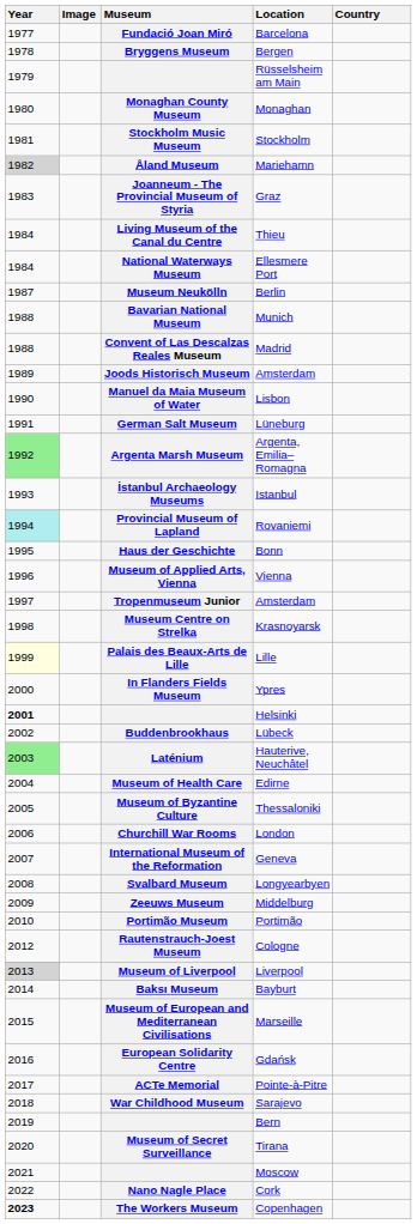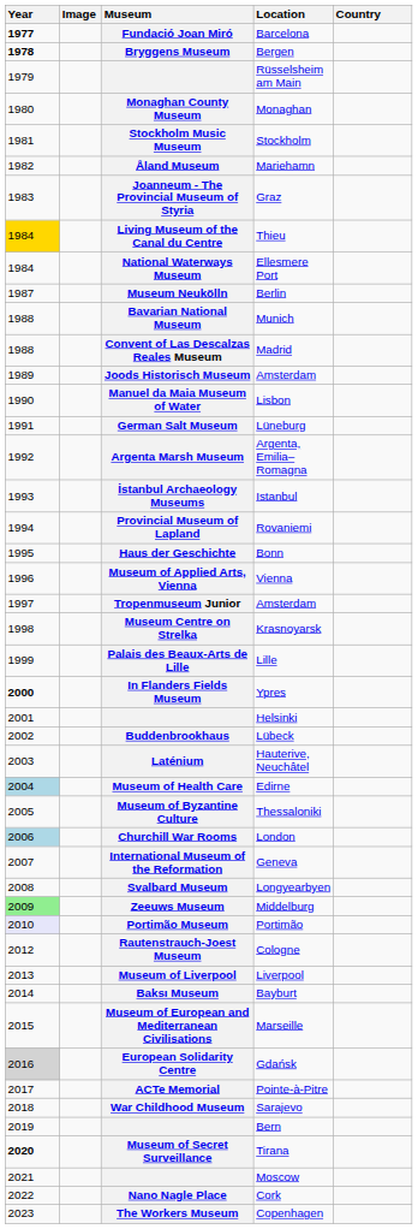 <table class="wikitable sortable plainrowheaders" style="font-size">
 <tr>
 <th style="text-align:left ; width:50pt" ; scope="col" width=>Year</th>
 <th style="text-align:left ; width:50px" ; scope="col" width=>Image</th>
 <th style="text-align:left ; width:200px" ; scope="col">Museum</th>
 <th style="text-align:left ; width:100px" ; scope="col" width=>Location</th>
 <th style="text-align:left ; width:100px" ; scope="col" width=>Country</th>
 </tr>
 <tr>
-<td align=left>1977</td>
+<td align=left><strong>1977</strong></td>
 <td></td>
 <th scope="row"><a href='#'>Fundació Joan Miró</a></th>
 <td><a href='#'>Barcelona</a></td>
 <td></td>
 </tr>
 <tr>
-<td align=left>1978</td>
+<td align=left><strong>1978</strong></td>
 <td></td>
 <th scope="row"><a href='#'>Bryggens Museum</a></th>
 <td><a href='#'>Bergen</a></td>
 <td></td>
 </tr>
 <tr>
 <td align=left>1979</td>
 <td></td>
 <th scope="row"></th>
 <td><a href='#'>Rüsselsheim am Main</a></td>
 <td></td>
 </tr>
 <tr>
 <td align=left>1980</td>
 <td></td>
 <th scope="row"><a href='#'>Monaghan County Museum</a></th>
 <td><a href='#'>Monaghan</a></td>
 <td></td>
 </tr>
 <tr>
 <td align=left>1981</td>
 <td></td>
 <th scope="row"><a href='#'>Stockholm Music Museum</a></th>
 <td><a href='#'>Stockholm</a></td>
 <td></td>
 </tr>
 <tr>
-<td align=left style="background: lightgrey;">1982</td>
+<td align=left>1982</td>
 <td></td>
 <th scope="row"><a href='#'>Åland Museum</a></th>
 <td><a href='#'>Mariehamn</a></td>
 <td></td>
 </tr>
 <tr>
 <td align=left>1983</td>
 <td></td>
 <th scope="row"><a href='#'>Joanneum - The Provincial Museum of Styria</a></th>
 <td><a href='#'>Graz</a></td>
 <td></td>
 </tr>
 <tr>
-<td align=left>1984</td>
+<td align=left style="background: gold;">1984</td>
 <td></td>
 <th scope="row"><a href='#'>Living Museum of the Canal du Centre</a></th>
 <td><a href='#'>Thieu</a></td>
 <td></td>
 </tr>
 <tr>
 <td align=left>1984</td>
 <td></td>
 <th scope="row"><a href='#'>National Waterways Museum</a></th>
 <td><a href='#'>Ellesmere Port</a></td>
 <td></td>
 </tr>
 <tr>
 <td align=left>1987</td>
 <td></td>
 <th scope="row"><a href='#'>Museum Neukölln</a></th>
 <td><a href='#'>Berlin</a></td>
 <td></td>
 </tr>
 <tr>
 <td align=left>1988</td>
 <td></td>
 <th scope="row"><a href='#'>Bavarian National Museum</a></th>
 <td><a href='#'>Munich</a></td>
 <td></td>
 </tr>
 <tr>
 <td align=left>1988</td>
 <td></td>
 <th scope="row"><a href='#'>Convent of Las Descalzas Reales</a> Museum</th>
 <td><a href='#'>Madrid</a></td>
 <td></td>
 </tr>
 <tr>
 <td align=left>1989</td>
 <td></td>
 <th scope="row"><a href='#'>Joods Historisch Museum</a></th>
 <td><a href='#'>Amsterdam</a></td>
 <td></td>
 </tr>
 <tr>
 <td align=left>1990</td>
 <td></td>
 <th scope="row"><a href='#'>Manuel da Maia Museum of Water</a></th>
 <td><a href='#'>Lisbon</a></td>
 <td></td>
 </tr>
 <tr>
 <td align=left>1991</td>
 <td></td>
 <th scope="row"><a href='#'>German Salt Museum</a></th>
 <td><a href='#'>Lüneburg</a></td>
 <td></td>
 </tr>
 <tr>
-<td align=left style="background: lightgreen;">1992</td>
+<td align=left>1992</td>
 <td></td>
 <th scope="row"><a href='#'>Argenta Marsh Museum</a></th>
 <td><a href='#'>Argenta, Emilia–Romagna</a></td>
 <td></td>
 </tr>
 <tr>
 <td align=left>1993</td>
 <td></td>
 <th scope="row"><a href='#'>İstanbul Archaeology Museums</a></th>
 <td><a href='#'>Istanbul</a></td>
 <td></td>
 </tr>
 <tr>
-<td align=left style="background: paleturquoise;">1994</td>
+<td align=left>1994</td>
 <td></td>
 <th scope="row"><a href='#'>Provincial Museum of Lapland</a></th>
 <td><a href='#'>Rovaniemi</a></td>
 <td></td>
 </tr>
 <tr>
 <td align=left>1995</td>
 <td></td>
 <th scope="row"><a href='#'>Haus der Geschichte</a></th>
 <td><a href='#'>Bonn</a></td>
 <td></td>
 </tr>
 <tr>
 <td align=left>1996</td>
 <td></td>
 <th scope="row"><a href='#'>Museum of Applied Arts, Vienna</a></th>
 <td><a href='#'>Vienna</a></td>
 <td></td>
 </tr>
 <tr>
 <td align=left>1997</td>
 <td></td>
 <th scope="row"><a href='#'>Tropenmuseum</a> Junior</th>
 <td><a href='#'>Amsterdam</a></td>
 <td></td>
 </tr>
 <tr>
 <td align=left>1998</td>
 <td></td>
 <th scope="row"><a href='#'>Museum Centre on Strelka</a></th>
 <td><a href='#'>Krasnoyarsk</a></td>
 <td></td>
 </tr>
 <tr>
-<td align=left style="background: lightyellow;">1999</td>
+<td align=left>1999</td>
 <td></td>
 <th scope="row"><a href='#'>Palais des Beaux-Arts de Lille</a></th>
 <td><a href='#'>Lille</a></td>
 <td></td>
 </tr>
 <tr>
-<td align=left>2000</td>
+<td align=left><strong>2000</strong></td>
 <td></td>
 <th scope="row"><a href='#'>In Flanders Fields Museum</a></th>
 <td><a href='#'>Ypres</a></td>
 <td></td>
 </tr>
 <tr>
-<td align=left><strong>2001</strong></td>
+<td align=left>2001</td>
 <td></td>
 <th scope="row"></th>
 <td><a href='#'>Helsinki</a></td>
 <td></td>
 </tr>
 <tr>
 <td align=left>2002</td>
 <td></td>
 <th scope="row"><a href='#'>Buddenbrookhaus</a></th>
 <td><a href='#'>Lübeck</a></td>
 <td></td>
 </tr>
 <tr>
-<td align=left style="background: lightgreen;">2003</td>
+<td align=left>2003</td>
 <td></td>
 <th scope="row"><a href='#'>Laténium</a></th>
 <td><a href='#'>Hauterive, Neuchâtel</a></td>
 <td></td>
 </tr>
 <tr>
-<td align=left>2004</td>
+<td align=left style="background: lightblue;">2004</td>
 <td></td>
 <th scope="row"><a href='#'>Museum of Health Care</a></th>
 <td><a href='#'>Edirne</a></td>
 <td></td>
 </tr>
 <tr>
 <td align=left>2005</td>
 <td></td>
 <th scope="row"><a href='#'>Museum of Byzantine Culture</a></th>
 <td><a href='#'>Thessaloniki</a></td>
 <td></td>
 </tr>
 <tr>
-<td align=left>2006</td>
+<td align=left style="background: lightblue;">2006</td>
 <td></td>
 <th scope="row"><a href='#'>Churchill War Rooms</a></th>
 <td><a href='#'>London</a></td>
 <td></td>
 </tr>
 <tr>
 <td align=left>2007</td>
 <td></td>
 <th scope="row"><a href='#'>International Museum of the Reformation</a></th>
 <td><a href='#'>Geneva</a></td>
 <td></td>
 </tr>
 <tr>
 <td align=left>2008</td>
 <td></td>
 <th scope="row"><a href='#'>Svalbard Museum</a></th>
 <td><a href='#'>Longyearbyen</a></td>
 <td></td>
 </tr>
 <tr>
-<td align=left>2009</td>
+<td align=left style="background: lightgreen;">2009</td>
 <td></td>
 <th scope="row"><a href='#'>Zeeuws Museum</a></th>
 <td><a href='#'>Middelburg</a></td>
 <td></td>
 </tr>
 <tr>
-<td align=left>2010</td>
+<td align=left style="background: lavender;">2010</td>
 <td></td>
 <th scope="row"><a href='#'>Portimão Museum</a></th>
 <td><a href='#'>Portimão</a></td>
 <td></td>
 </tr>
 <tr>
 <td align=left>2012</td>
 <td></td>
 <th scope="row"><a href='#'>Rautenstrauch-Joest Museum</a></th>
 <td><a href='#'>Cologne</a></td>
 <td></td>
 </tr>
 <tr>
-<td align=left style="background: lightgrey;">2013</td>
+<td align=left>2013</td>
 <td></td>
 <th scope="row"><a href='#'>Museum of Liverpool</a></th>
 <td><a href='#'>Liverpool</a></td>
 <td></td>
 </tr>
 <tr>
 <td align=left>2014</td>
 <td></td>
 <th scope="row"><a href='#'>Baksı Museum</a></th>
 <td><a href='#'>Bayburt</a></td>
 <td></td>
 </tr>
 <tr>
 <td align=left>2015</td>
 <td></td>
 <th scope="row"><a href='#'>Museum of European and Mediterranean Civilisations</a></th>
 <td><a href='#'>Marseille</a></td>
 <td></td>
 </tr>
 <tr>
-<td align=left>2016</td>
+<td align=left style="background: lightgrey;">2016</td>
 <td></td>
 <th scope="row"><a href='#'>European Solidarity Centre</a></th>
 <td><a href='#'>Gdańsk</a></td>
 <td></td>
 </tr>
 <tr>
 <td align=left>2017</td>
 <td></td>
 <th scope="row"><a href='#'>ACTe Memorial</a></th>
 <td><a href='#'>Pointe-à-Pitre</a></td>
 <td></td>
 </tr>
 <tr>
 <td align=left>2018</td>
 <td></td>
 <th scope="row"><a href='#'>War Childhood Museum</a></th>
 <td><a href='#'>Sarajevo</a></td>
 <td></td>
 </tr>
 <tr>
 <td align=left>2019</td>
 <td></td>
 <th scope="row"></th>
 <td><a href='#'>Bern</a></td>
 <td></td>
 </tr>
 <tr>
-<td align=left>2020</td>
+<td align=left><strong>2020</strong></td>
 <td></td>
 <th scope="row"><a href='#'>Museum of Secret Surveillance</a></th>
 <td><a href='#'>Tirana</a></td>
 <td></td>
 </tr>
 <tr>
 <td align=left>2021</td>
 <td></td>
 <th scope="row"></th>
 <td><a href='#'>Moscow</a></td>
 <td></td>
 </tr>
 <tr>
 <td align=left>2022</td>
 <td></td>
 <th scope="row"><a href='#'>Nano Nagle Place</a></th>
 <td><a href='#'>Cork</a></td>
 <td></td>
 </tr>
 <tr>
-<td align=left><strong>2023</strong></td>
+<td align=left>2023</td>
 <td></td>
 <th scope="row"><a href='#'>The Workers Museum</a></th>
 <td><a href='#'>Copenhagen</a></td>
 <td></td>
 </tr>
 </table>
